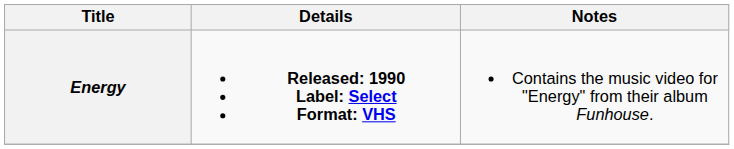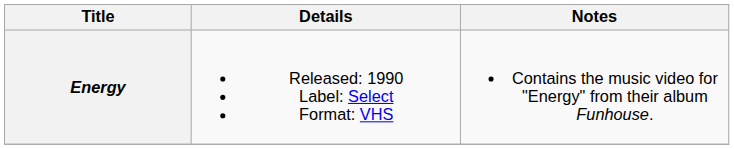 <table class="wikitable plainrowheaders" style="text-align:center;">
 <tr>
 <th scope="col" rowspan="1" style="width:11em;">Title</th>
 <th scope="col" rowspan="1" style="width:16em;">Details</th>
 <th scope="col" rowspan="1" style="width:16em;">Notes</th>
 </tr>
 <tr>
 <th scope="row"><em>Energy</em></th>
-<td><strong><br><ul><li>Released: 1990</li><li>Label: <a href='#'>Select</a></li><li>Format: <a href='#'>VHS</a></li></ul></strong></td>
+<td><br><ul><li>Released: 1990</li><li>Label: <a href='#'>Select</a></li><li>Format: <a href='#'>VHS</a></li></ul></td>
 <td><br><ul><li>Contains the music video for "Energy" from their album <em>Funhouse</em>.</li></ul></td>
 </tr>
 <tr>
 </tr>
 </table>
